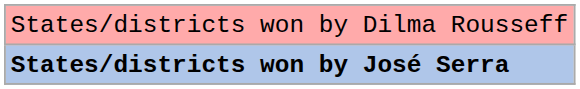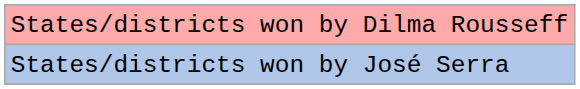 <table class="wikitable">
 <tr style="background-color: #ffaaaa">
 <td>States/districts won by Dilma Rousseff</td>
 </tr>
 <tr style="background-color: #afc6e9">
-<td><strong>States/districts won by José Serra</strong></td>
+<td>States/districts won by José Serra</td>
 </tr>
 </table>
